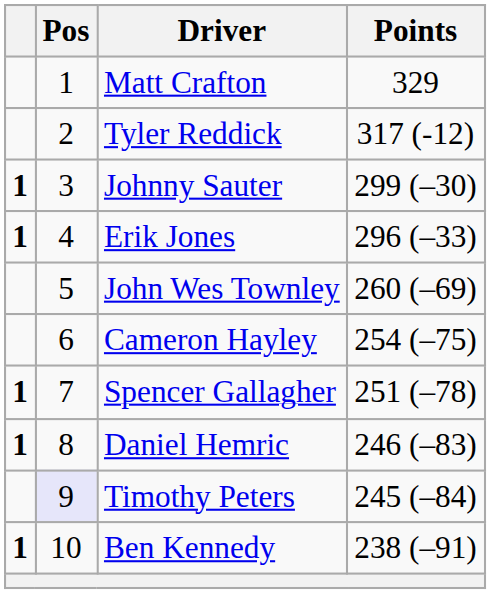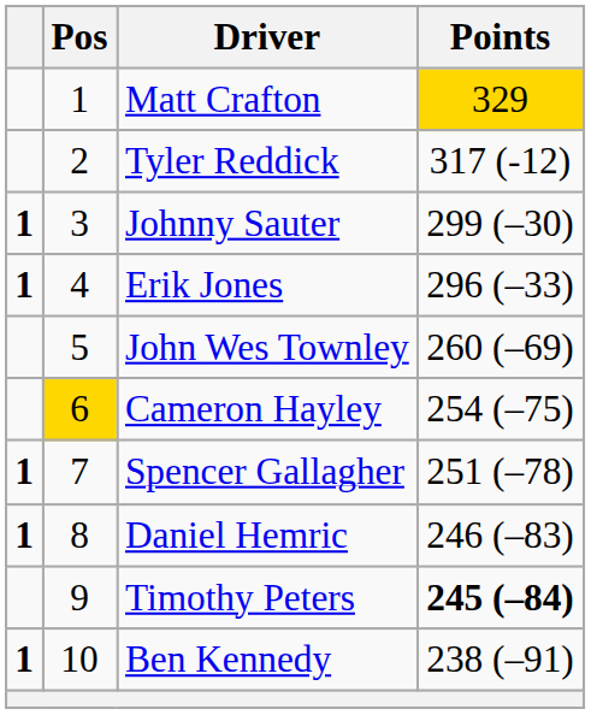 <table class="wikitable" style="font-size: 95%;">
 <tr>
 <th></th>
 <th>Pos</th>
 <th>Driver</th>
 <th>Points</th>
 </tr>
 <tr>
 <td align="left"></td>
 <td style="text-align:center;">1</td>
 <td><a href='#'>Matt Crafton</a></td>
-<td style="text-align:center;">329</td>
+<td style="background: gold; text-align:center;">329</td>
 </tr>
 <tr>
 <td align="left"></td>
 <td style="text-align:center;">2</td>
 <td><a href='#'>Tyler Reddick</a></td>
 <td style="text-align:center;">317 (-12)</td>
 </tr>
 <tr>
 <td align="left"> <strong>1</strong></td>
 <td style="text-align:center;">3</td>
 <td><a href='#'>Johnny Sauter</a></td>
 <td style="text-align:center;">299 (–30)</td>
 </tr>
 <tr>
 <td align="left"> <strong>1</strong></td>
 <td style="text-align:center;">4</td>
 <td><a href='#'>Erik Jones</a></td>
 <td style="text-align:center;">296 (–33)</td>
 </tr>
 <tr>
 <td align="left"></td>
 <td style="text-align:center;">5</td>
 <td><a href='#'>John Wes Townley</a></td>
 <td style="text-align:center;">260 (–69)</td>
 </tr>
 <tr>
 <td align="left"></td>
-<td style="text-align:center;">6</td>
+<td style="background: gold; text-align:center;">6</td>
 <td><a href='#'>Cameron Hayley</a></td>
 <td style="text-align:center;">254 (–75)</td>
 </tr>
 <tr>
 <td align="left"> <strong>1</strong></td>
 <td style="text-align:center;">7</td>
 <td><a href='#'>Spencer Gallagher</a></td>
 <td style="text-align:center;">251 (–78)</td>
 </tr>
 <tr>
 <td align="left"> <strong>1</strong></td>
 <td style="text-align:center;">8</td>
 <td><a href='#'>Daniel Hemric</a></td>
 <td style="text-align:center;">246 (–83)</td>
 </tr>
 <tr>
 <td align="left"></td>
-<td style="background: lavender; text-align:center;">9</td>
+<td style="text-align:center;">9</td>
 <td><a href='#'>Timothy Peters</a></td>
-<td style="text-align:center;">245 (–84)</td>
+<td style="text-align:center;"><strong>245 (–84)</strong></td>
 </tr>
 <tr>
 <td align="left"> <strong>1</strong></td>
 <td style="text-align:center;">10</td>
 <td><a href='#'>Ben Kennedy</a></td>
 <td style="text-align:center;">238 (–91)</td>
 </tr>
 <tr>
 <th colspan="9"></th>
 </tr>
 </table>
